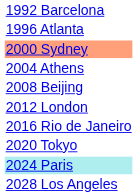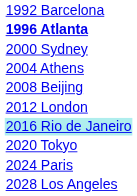 <table>
 <tr valign="top">
 <td rowspan=2><a href='#'>1992 Barcelona</a><br></td>
 <td rowspan=2></td>
 <td rowspan=2></td>
 <td></td>
 </tr>
 <tr>
 <td></td>
 </tr>
 <tr>
-<td><a href='#'>1996 Atlanta</a><br></td>
+<td><strong><a href='#'>1996 Atlanta</a><br></strong></td>
 <td></td>
 <td></td>
 <td></td>
 </tr>
 <tr>
-<td style="background: lightsalmon;"><a href='#'>2000 Sydney</a><br></td>
+<td><a href='#'>2000 Sydney</a><br></td>
 <td></td>
 <td></td>
 <td></td>
 </tr>
 <tr>
 <td><a href='#'>2004 Athens</a><br></td>
 <td></td>
 <td></td>
 <td></td>
 </tr>
 <tr>
 <td><a href='#'>2008 Beijing</a><br></td>
 <td></td>
 <td></td>
 <td></td>
 </tr>
 <tr>
 <td><a href='#'>2012 London</a><br></td>
 <td></td>
 <td></td>
 <td></td>
 </tr>
 <tr>
-<td><a href='#'>2016 Rio de Janeiro</a><br></td>
+<td style="background: paleturquoise;"><a href='#'>2016 Rio de Janeiro</a><br></td>
 <td></td>
 <td></td>
 <td></td>
 </tr>
 <tr>
 <td><a href='#'>2020 Tokyo</a><br></td>
 <td></td>
 <td></td>
 <td></td>
 </tr>
 <tr>
-<td style="background: paleturquoise;"><a href='#'>2024 Paris</a> <br></td>
+<td><a href='#'>2024 Paris</a> <br></td>
 <td></td>
 <td></td>
 <td></td>
 </tr>
 <tr>
 <td><a href='#'>2028 Los Angeles</a> <br></td>
 <td></td>
 <td></td>
 <td></td>
 </tr>
 <tr>
 </tr>
 </table>
